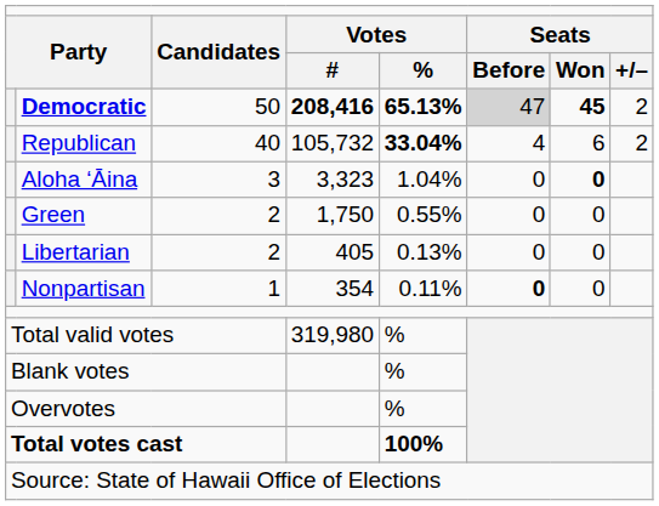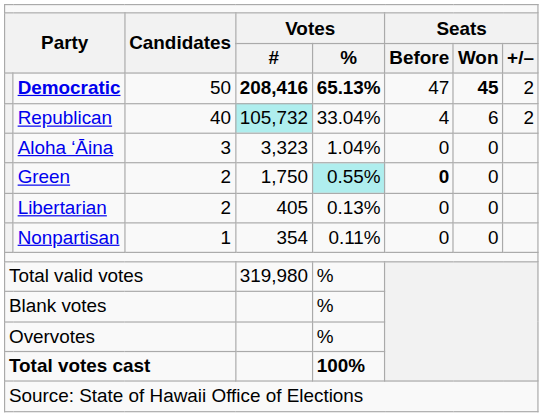 <table class="wikitable">
 <tr>
 <td colspan="13" align="center"></td>
 </tr>
 <tr>
 <th colspan="2" rowspan="3">Party</th>
 <th rowspan="3">Candidates</th>
 <th colspan="2">Votes</th>
 <th colspan="3" rowspan="2">Seats</th>
 </tr>
 <tr>
 <th rowspan="2">#</th>
 <th rowspan="2">%</th>
 </tr>
 <tr>
 <th>Before</th>
 <th>Won</th>
 <th>+/–</th>
 </tr>
 <tr>
 <th style="background-color:"></th>
 <td><a href='#'><strong>Democratic</strong></a></td>
 <td align="right">50</td>
 <td align="right"><strong>208,416</strong></td>
 <td align="right"><strong>65.13%</strong></td>
-<td align="right" style="background: lightgrey;">47</td>
+<td align="right">47</td>
 <td align="right"><strong>45</strong></td>
 <td align="right"> 2</td>
 </tr>
 <tr>
 <th style="background-color:"></th>
 <td><a href='#'>Republican</a></td>
 <td align="right">40</td>
-<td align="right">105,732</td>
-<td align="right"><strong>33.04%</strong></td>
+<td align="right" style="background: paleturquoise;">105,732</td>
+<td align="right">33.04%</td>
 <td align="right">4</td>
 <td align="right">6</td>
 <td align="right"> 2</td>
 </tr>
 <tr>
 <th style="background-color:"></th>
 <td><a href='#'>Aloha ʻĀina</a></td>
 <td align="right">3</td>
 <td align="right">3,323</td>
 <td align="right">1.04%</td>
 <td align="right">0</td>
-<td align="right"><strong>0</strong></td>
+<td align="right">0</td>
 <td align="right"></td>
 </tr>
 <tr>
 <th style="background-color:"></th>
 <td><a href='#'>Green</a></td>
 <td align="right">2</td>
 <td align="right">1,750</td>
-<td align="right">0.55%</td>
-<td align="right">0</td>
+<td align="right" style="background: paleturquoise;">0.55%</td>
+<td align="right"><strong>0</strong></td>
 <td align="right">0</td>
 <td align="right"></td>
 </tr>
 <tr>
 <th style="background-color:"></th>
 <td><a href='#'>Libertarian</a></td>
 <td align="right">2</td>
 <td align="right">405</td>
 <td align="right">0.13%</td>
 <td align="right">0</td>
 <td align="right">0</td>
 <td align="right"></td>
 </tr>
 <tr>
 <th></th>
 <td><a href='#'>Nonpartisan</a></td>
 <td align="right">1</td>
 <td align="right">354</td>
 <td align="right">0.11%</td>
-<td align="right"><strong>0</strong></td>
+<td align="right">0</td>
 <td align="right">0</td>
 <td align="right"></td>
 </tr>
 <tr>
 <td colspan="8"></td>
 </tr>
 <tr>
 <td colspan="3">Total valid votes</td>
 <td>319,980</td>
 <td>%</td>
 <th colspan=3 rowspan=4></th>
 </tr>
 <tr>
 <td colspan="3">Blank votes</td>
 <td></td>
 <td>%</td>
 </tr>
 <tr>
 <td colspan="3">Overvotes</td>
 <td></td>
 <td>%</td>
 </tr>
 <tr>
 <td colspan="3"><strong>Total votes cast</strong></td>
 <td><strong> </strong></td>
 <td><strong>100%</strong></td>
 </tr>
 <tr>
 <td colspan="8">Source: State of Hawaii Office of Elections</td>
 </tr>
 </table>
